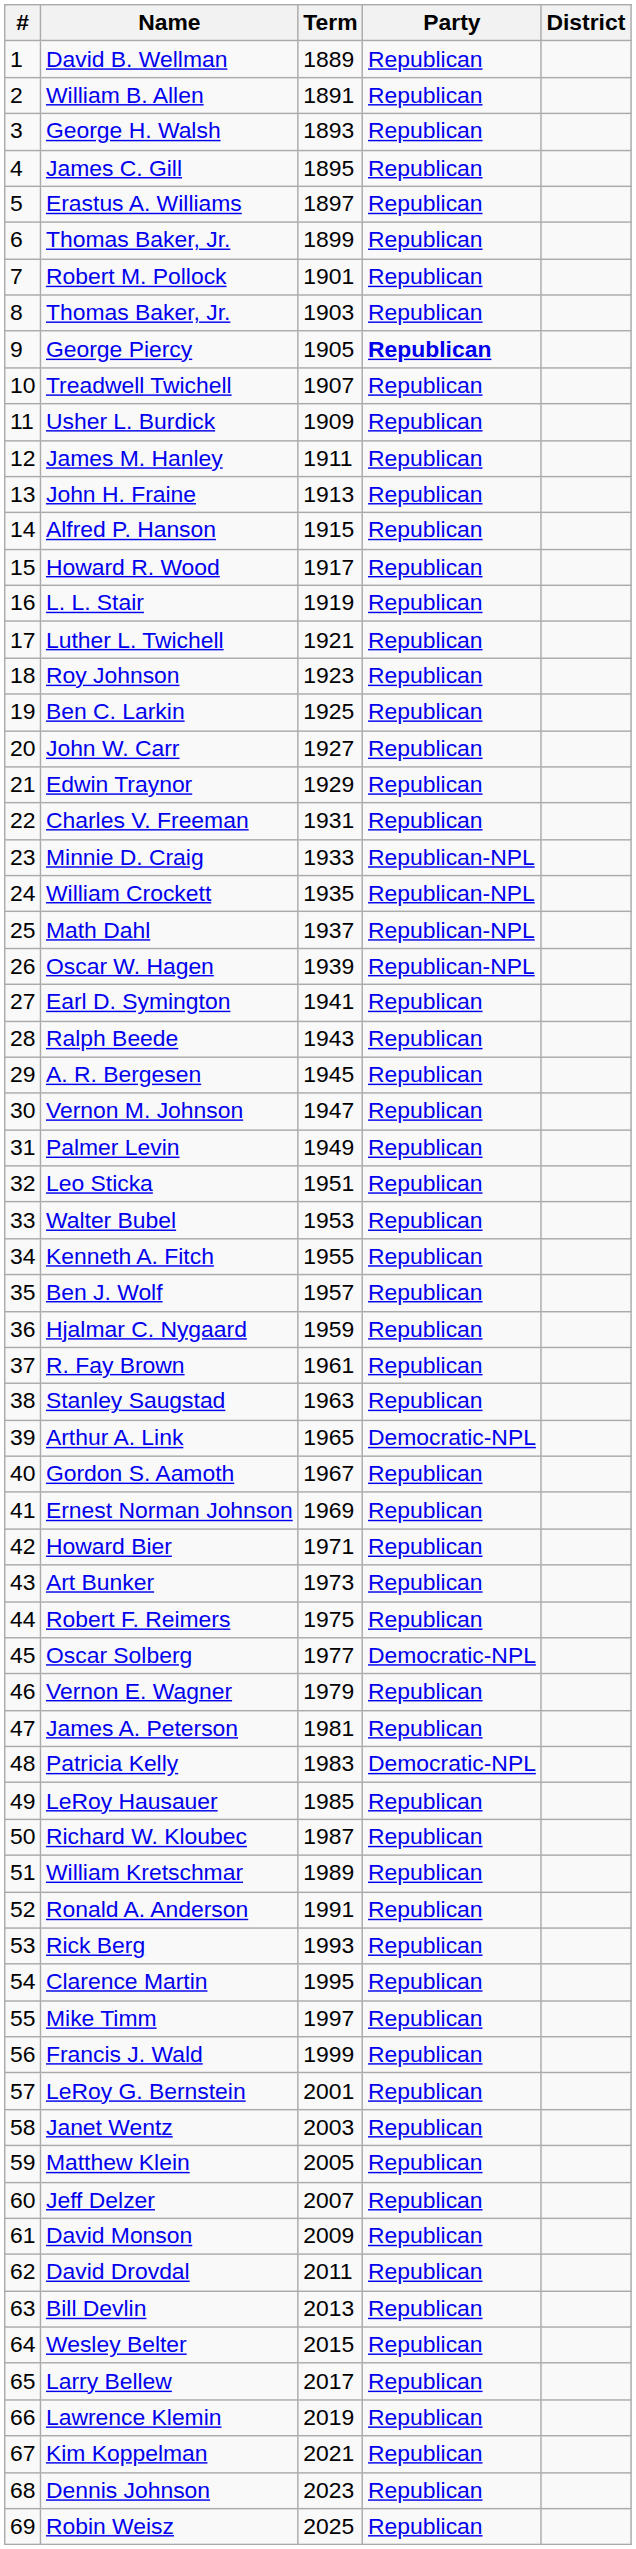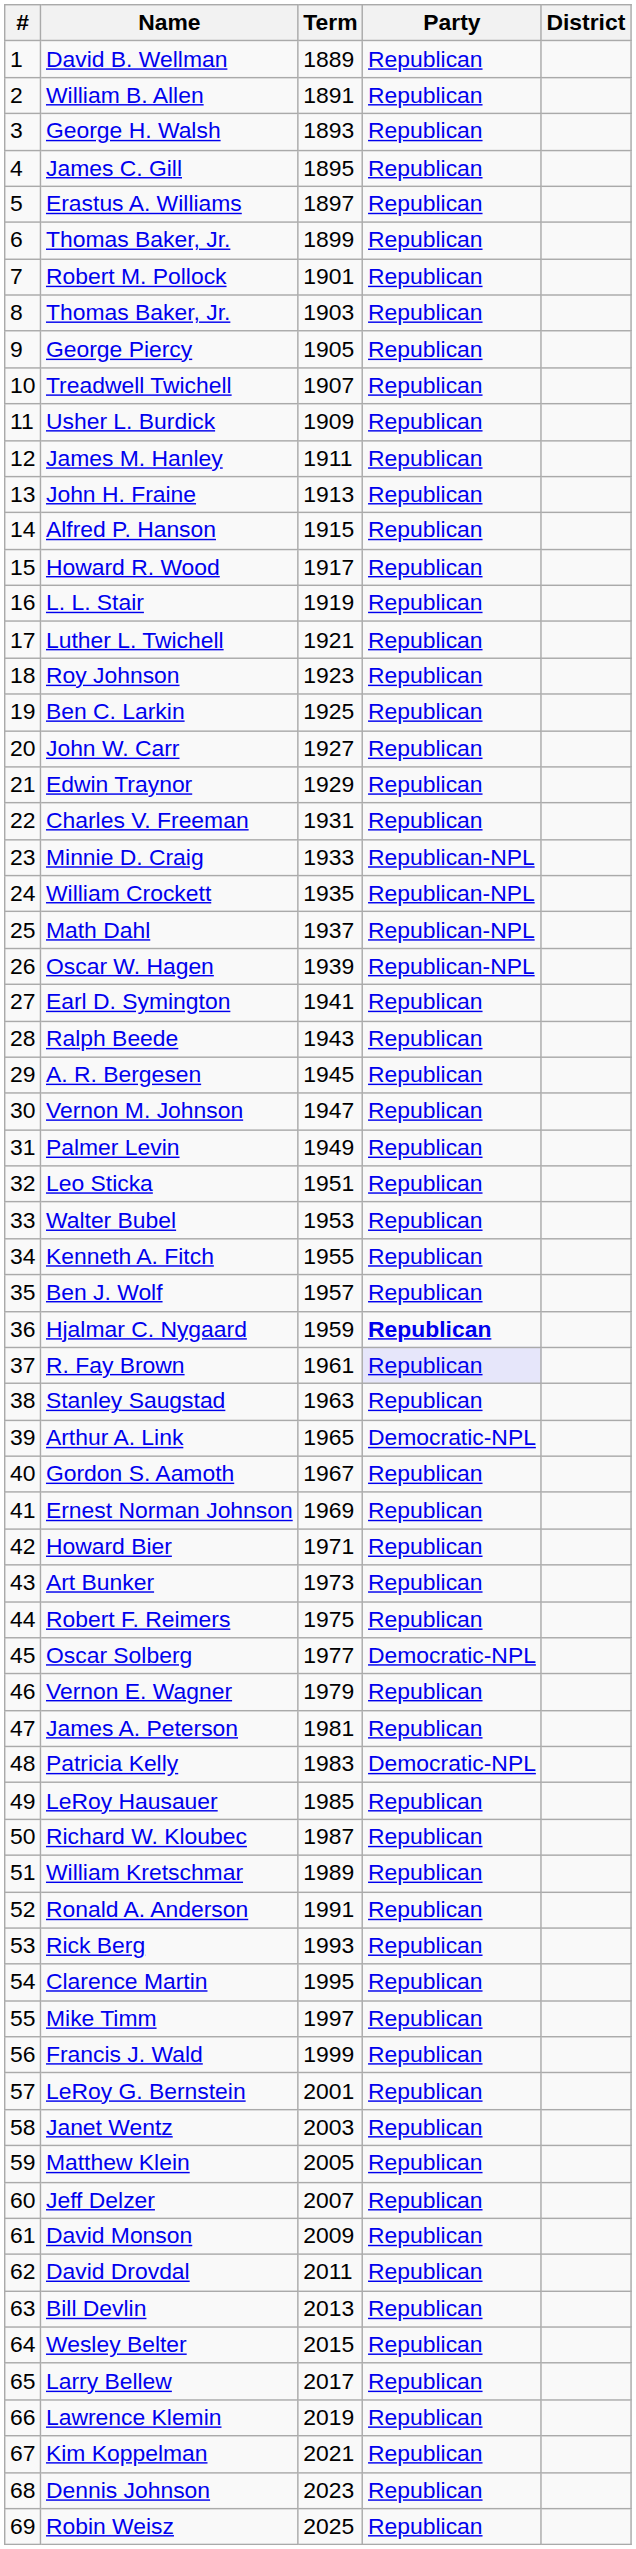 <table class=wikitable>
 <tr>
 <th>#</th>
 <th>Name</th>
 <th>Term</th>
 <th>Party</th>
 <th>District</th>
 </tr>
 <tr>
 <td>1</td>
 <td><a href='#'>David B. Wellman</a></td>
 <td>1889</td>
 <td><a href='#'>Republican</a></td>
 <td></td>
 </tr>
 <tr>
 <td>2</td>
 <td><a href='#'>William B. Allen</a></td>
 <td>1891</td>
 <td><a href='#'>Republican</a></td>
 <td></td>
 </tr>
 <tr>
 <td>3</td>
 <td><a href='#'>George H. Walsh</a></td>
 <td>1893</td>
 <td><a href='#'>Republican</a></td>
 <td></td>
 </tr>
 <tr>
 <td>4</td>
 <td><a href='#'>James C. Gill</a></td>
 <td>1895</td>
 <td><a href='#'>Republican</a></td>
 <td></td>
 </tr>
 <tr>
 <td>5</td>
 <td><a href='#'>Erastus A. Williams</a></td>
 <td>1897</td>
 <td><a href='#'>Republican</a></td>
 <td></td>
 </tr>
 <tr>
 <td>6</td>
 <td><a href='#'>Thomas Baker, Jr.</a></td>
 <td>1899</td>
 <td><a href='#'>Republican</a></td>
 <td></td>
 </tr>
 <tr>
 <td>7</td>
 <td><a href='#'>Robert M. Pollock</a></td>
 <td>1901</td>
 <td><a href='#'>Republican</a></td>
 <td></td>
 </tr>
 <tr>
 <td>8</td>
 <td><a href='#'>Thomas Baker, Jr.</a></td>
 <td>1903</td>
 <td><a href='#'>Republican</a></td>
 <td></td>
 </tr>
 <tr>
 <td>9</td>
 <td><a href='#'>George Piercy</a></td>
 <td>1905</td>
-<td><strong><a href='#'>Republican</a></strong></td>
+<td><a href='#'>Republican</a></td>
 <td></td>
 </tr>
 <tr>
 <td>10</td>
 <td><a href='#'>Treadwell Twichell</a></td>
 <td>1907</td>
 <td><a href='#'>Republican</a></td>
 <td></td>
 </tr>
 <tr>
 <td>11</td>
 <td><a href='#'>Usher L. Burdick</a></td>
 <td>1909</td>
 <td><a href='#'>Republican</a></td>
 <td></td>
 </tr>
 <tr>
 <td>12</td>
 <td><a href='#'>James M. Hanley</a></td>
 <td>1911</td>
 <td><a href='#'>Republican</a></td>
 <td></td>
 </tr>
 <tr>
 <td>13</td>
 <td><a href='#'>John H. Fraine</a></td>
 <td>1913</td>
 <td><a href='#'>Republican</a></td>
 <td></td>
 </tr>
 <tr>
 <td>14</td>
 <td><a href='#'>Alfred P. Hanson</a></td>
 <td>1915</td>
 <td><a href='#'>Republican</a></td>
 <td></td>
 </tr>
 <tr>
 <td>15</td>
 <td><a href='#'>Howard R. Wood</a></td>
 <td>1917</td>
 <td><a href='#'>Republican</a></td>
 <td></td>
 </tr>
 <tr>
 <td>16</td>
 <td><a href='#'>L. L. Stair</a></td>
 <td>1919</td>
 <td><a href='#'>Republican</a></td>
 <td></td>
 </tr>
 <tr>
 <td>17</td>
 <td><a href='#'>Luther L. Twichell</a></td>
 <td>1921</td>
 <td><a href='#'>Republican</a></td>
 <td></td>
 </tr>
 <tr>
 <td>18</td>
 <td><a href='#'>Roy Johnson</a></td>
 <td>1923</td>
 <td><a href='#'>Republican</a></td>
 <td></td>
 </tr>
 <tr>
 <td>19</td>
 <td><a href='#'>Ben C. Larkin</a></td>
 <td>1925</td>
 <td><a href='#'>Republican</a></td>
 <td></td>
 </tr>
 <tr>
 <td>20</td>
 <td><a href='#'>John W. Carr</a></td>
 <td>1927</td>
 <td><a href='#'>Republican</a></td>
 <td></td>
 </tr>
 <tr>
 <td>21</td>
 <td><a href='#'>Edwin Traynor</a></td>
 <td>1929</td>
 <td><a href='#'>Republican</a></td>
 <td></td>
 </tr>
 <tr>
 <td>22</td>
 <td><a href='#'>Charles V. Freeman</a></td>
 <td>1931</td>
 <td><a href='#'>Republican</a></td>
 <td></td>
 </tr>
 <tr>
 <td>23</td>
 <td><a href='#'>Minnie D. Craig</a></td>
 <td>1933</td>
 <td><a href='#'>Republican-NPL</a></td>
 <td></td>
 </tr>
 <tr>
 <td>24</td>
 <td><a href='#'>William Crockett</a></td>
 <td>1935</td>
 <td><a href='#'>Republican-NPL</a></td>
 <td></td>
 </tr>
 <tr>
 <td>25</td>
 <td><a href='#'>Math Dahl</a></td>
 <td>1937</td>
 <td><a href='#'>Republican-NPL</a></td>
 <td></td>
 </tr>
 <tr>
 <td>26</td>
 <td><a href='#'>Oscar W. Hagen</a></td>
 <td>1939</td>
 <td><a href='#'>Republican-NPL</a></td>
 <td></td>
 </tr>
 <tr>
 <td>27</td>
 <td><a href='#'>Earl D. Symington</a></td>
 <td>1941</td>
 <td><a href='#'>Republican</a></td>
 <td></td>
 </tr>
 <tr>
 <td>28</td>
 <td><a href='#'>Ralph Beede</a></td>
 <td>1943</td>
 <td><a href='#'>Republican</a></td>
 <td></td>
 </tr>
 <tr>
 <td>29</td>
 <td><a href='#'>A. R. Bergesen</a></td>
 <td>1945</td>
 <td><a href='#'>Republican</a></td>
 <td></td>
 </tr>
 <tr>
 <td>30</td>
 <td><a href='#'>Vernon M. Johnson</a></td>
 <td>1947</td>
 <td><a href='#'>Republican</a></td>
 <td></td>
 </tr>
 <tr>
 <td>31</td>
 <td><a href='#'>Palmer Levin</a></td>
 <td>1949</td>
 <td><a href='#'>Republican</a></td>
 <td></td>
 </tr>
 <tr>
 <td>32</td>
 <td><a href='#'>Leo Sticka</a></td>
 <td>1951</td>
 <td><a href='#'>Republican</a></td>
 <td></td>
 </tr>
 <tr>
 <td>33</td>
 <td><a href='#'>Walter Bubel</a></td>
 <td>1953</td>
 <td><a href='#'>Republican</a></td>
 <td></td>
 </tr>
 <tr>
 <td>34</td>
 <td><a href='#'>Kenneth A. Fitch</a></td>
 <td>1955</td>
 <td><a href='#'>Republican</a></td>
 <td></td>
 </tr>
 <tr>
 <td>35</td>
 <td><a href='#'>Ben J. Wolf</a></td>
 <td>1957</td>
 <td><a href='#'>Republican</a></td>
 <td></td>
 </tr>
 <tr>
 <td>36</td>
 <td><a href='#'>Hjalmar C. Nygaard</a></td>
 <td>1959</td>
-<td><a href='#'>Republican</a></td>
+<td><strong><a href='#'>Republican</a></strong></td>
 <td></td>
 </tr>
 <tr>
 <td>37</td>
 <td><a href='#'>R. Fay Brown</a></td>
 <td>1961</td>
-<td><a href='#'>Republican</a></td>
+<td style="background: lavender;"><a href='#'>Republican</a></td>
 <td></td>
 </tr>
 <tr>
 <td>38</td>
 <td><a href='#'>Stanley Saugstad</a></td>
 <td>1963</td>
 <td><a href='#'>Republican</a></td>
 <td></td>
 </tr>
 <tr>
 <td>39</td>
 <td><a href='#'>Arthur A. Link</a></td>
 <td>1965</td>
 <td><a href='#'>Democratic-NPL</a></td>
 <td></td>
 </tr>
 <tr>
 <td>40</td>
 <td><a href='#'>Gordon S. Aamoth</a></td>
 <td>1967</td>
 <td><a href='#'>Republican</a></td>
 <td></td>
 </tr>
 <tr>
 <td>41</td>
 <td><a href='#'>Ernest Norman Johnson</a></td>
 <td>1969</td>
 <td><a href='#'>Republican</a></td>
 <td></td>
 </tr>
 <tr>
 <td>42</td>
 <td><a href='#'>Howard Bier</a></td>
 <td>1971</td>
 <td><a href='#'>Republican</a></td>
 <td></td>
 </tr>
 <tr>
 <td>43</td>
 <td><a href='#'>Art Bunker</a></td>
 <td>1973</td>
 <td><a href='#'>Republican</a></td>
 <td></td>
 </tr>
 <tr>
 <td>44</td>
 <td><a href='#'>Robert F. Reimers</a></td>
 <td>1975</td>
 <td><a href='#'>Republican</a></td>
 <td></td>
 </tr>
 <tr>
 <td>45</td>
 <td><a href='#'>Oscar Solberg</a></td>
 <td>1977</td>
 <td><a href='#'>Democratic-NPL</a></td>
 <td></td>
 </tr>
 <tr>
 <td>46</td>
 <td><a href='#'>Vernon E. Wagner</a></td>
 <td>1979</td>
 <td><a href='#'>Republican</a></td>
 <td></td>
 </tr>
 <tr>
 <td>47</td>
 <td><a href='#'>James A. Peterson</a></td>
 <td>1981</td>
 <td><a href='#'>Republican</a></td>
 <td></td>
 </tr>
 <tr>
 <td>48</td>
 <td><a href='#'>Patricia Kelly</a></td>
 <td>1983</td>
 <td><a href='#'>Democratic-NPL</a></td>
 <td></td>
 </tr>
 <tr>
 <td>49</td>
 <td><a href='#'>LeRoy Hausauer</a></td>
 <td>1985</td>
 <td><a href='#'>Republican</a></td>
 <td></td>
 </tr>
 <tr>
 <td>50</td>
 <td><a href='#'>Richard W. Kloubec</a></td>
 <td>1987</td>
 <td><a href='#'>Republican</a></td>
 <td></td>
 </tr>
 <tr>
 <td>51</td>
 <td><a href='#'>William Kretschmar</a></td>
 <td>1989</td>
 <td><a href='#'>Republican</a></td>
 <td></td>
 </tr>
 <tr>
 <td>52</td>
 <td><a href='#'>Ronald A. Anderson</a></td>
 <td>1991</td>
 <td><a href='#'>Republican</a></td>
 <td></td>
 </tr>
 <tr>
 <td>53</td>
 <td><a href='#'>Rick Berg</a></td>
 <td>1993</td>
 <td><a href='#'>Republican</a></td>
 <td></td>
 </tr>
 <tr>
 <td>54</td>
 <td><a href='#'>Clarence Martin</a></td>
 <td>1995</td>
 <td><a href='#'>Republican</a></td>
 <td></td>
 </tr>
 <tr>
 <td>55</td>
 <td><a href='#'>Mike Timm</a></td>
 <td>1997</td>
 <td><a href='#'>Republican</a></td>
 <td></td>
 </tr>
 <tr>
 <td>56</td>
 <td><a href='#'>Francis J. Wald</a></td>
 <td>1999</td>
 <td><a href='#'>Republican</a></td>
 <td></td>
 </tr>
 <tr>
 <td>57</td>
 <td><a href='#'>LeRoy G. Bernstein</a></td>
 <td>2001</td>
 <td><a href='#'>Republican</a></td>
 <td></td>
 </tr>
 <tr>
 <td>58</td>
 <td><a href='#'>Janet Wentz</a></td>
 <td>2003</td>
 <td><a href='#'>Republican</a></td>
 <td></td>
 </tr>
 <tr>
 <td>59</td>
 <td><a href='#'>Matthew Klein</a></td>
 <td>2005</td>
 <td><a href='#'>Republican</a></td>
 <td></td>
 </tr>
 <tr>
 <td>60</td>
 <td><a href='#'>Jeff Delzer</a></td>
 <td>2007</td>
 <td><a href='#'>Republican</a></td>
 <td></td>
 </tr>
 <tr>
 <td>61</td>
 <td><a href='#'>David Monson</a></td>
 <td>2009</td>
 <td><a href='#'>Republican</a></td>
 <td></td>
 </tr>
 <tr>
 <td>62</td>
 <td><a href='#'>David Drovdal</a></td>
 <td>2011</td>
 <td><a href='#'>Republican</a></td>
 <td></td>
 </tr>
 <tr>
 <td>63</td>
 <td><a href='#'>Bill Devlin</a></td>
 <td>2013</td>
 <td><a href='#'>Republican</a></td>
 <td></td>
 </tr>
 <tr>
 <td>64</td>
 <td><a href='#'>Wesley Belter</a></td>
 <td>2015</td>
 <td><a href='#'>Republican</a></td>
 <td></td>
 </tr>
 <tr>
 <td>65</td>
 <td><a href='#'>Larry Bellew</a></td>
 <td>2017</td>
 <td><a href='#'>Republican</a></td>
 <td></td>
 </tr>
 <tr>
 <td>66</td>
 <td><a href='#'>Lawrence Klemin</a></td>
 <td>2019</td>
 <td><a href='#'>Republican</a></td>
 <td></td>
 </tr>
 <tr>
 <td>67</td>
 <td><a href='#'>Kim Koppelman</a></td>
 <td>2021</td>
 <td><a href='#'>Republican</a></td>
 <td></td>
 </tr>
 <tr>
 <td>68</td>
 <td><a href='#'>Dennis Johnson</a></td>
 <td>2023</td>
 <td><a href='#'>Republican</a></td>
 <td></td>
 </tr>
 <tr>
 <td>69</td>
 <td><a href='#'>Robin Weisz</a></td>
 <td>2025</td>
 <td><a href='#'>Republican</a></td>
 <td></td>
 </tr>
 </table>
